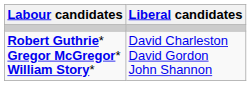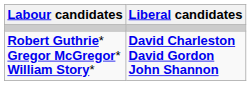 <table class="wikitable">
 <tr>
 <th><a href='#'>Labour</a> candidates</th>
 <th><a href='#'>Liberal</a> candidates</th>
 </tr>
 <tr bgcolor="#cccccc">
 <td></td>
 <td></td>
 </tr>
 <tr>
 <td><strong><a href='#'>Robert Guthrie</a></strong>*<br><strong><a href='#'>Gregor McGregor</a></strong>*<br><strong><a href='#'>William Story</a></strong>*</td>
-<td><a href='#'>David Charleston</a><br><a href='#'>David Gordon</a><br><a href='#'>John Shannon</a></td>
+<td><strong><a href='#'>David Charleston</a><br><a href='#'>David Gordon</a><br><a href='#'>John Shannon</a></strong></td>
 </tr>
 </table>
